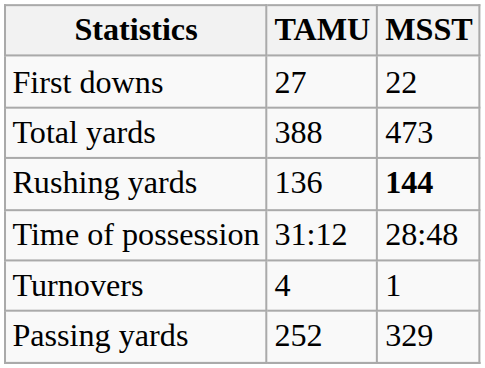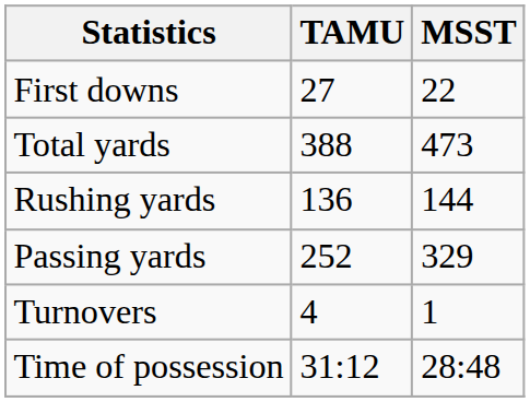 <table class="wikitable" style="float: left;">
 <tr>
 <th>Statistics</th>
 <th>TAMU</th>
 <th>MSST</th>
 </tr>
 <tr>
 <td>First downs</td>
 <td>27</td>
 <td>22</td>
 </tr>
 <tr>
 <td>Total yards</td>
 <td>388</td>
 <td>473</td>
 </tr>
 <tr>
 <td>Rushing yards</td>
 <td>136</td>
-<td><strong>144</strong></td>
+<td>144</td>
+</tr>
+<tr>
+<td>Passing yards</td>
+<td>252</td>
+<td>329</td>
+</tr>
+<tr>
+<td>Turnovers</td>
+<td>4</td>
+<td>1</td>
 </tr>
 <tr>
 <td>Time of possession</td>
 <td>31:12</td>
 <td>28:48</td>
 </tr>
 <tr>
-<td>Turnovers</td>
-<td>4</td>
-<td>1</td>
-</tr>
-<tr>
-<td>Passing yards</td>
-<td>252</td>
-<td>329</td>
-</tr>
-<tr>
 </tr>
 </table>
